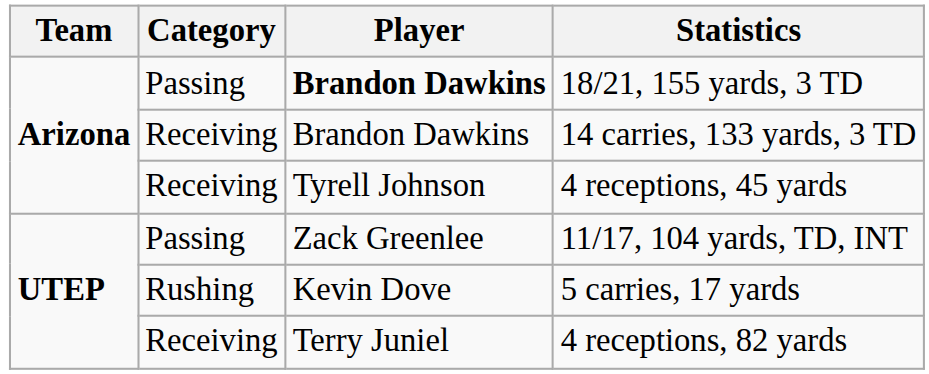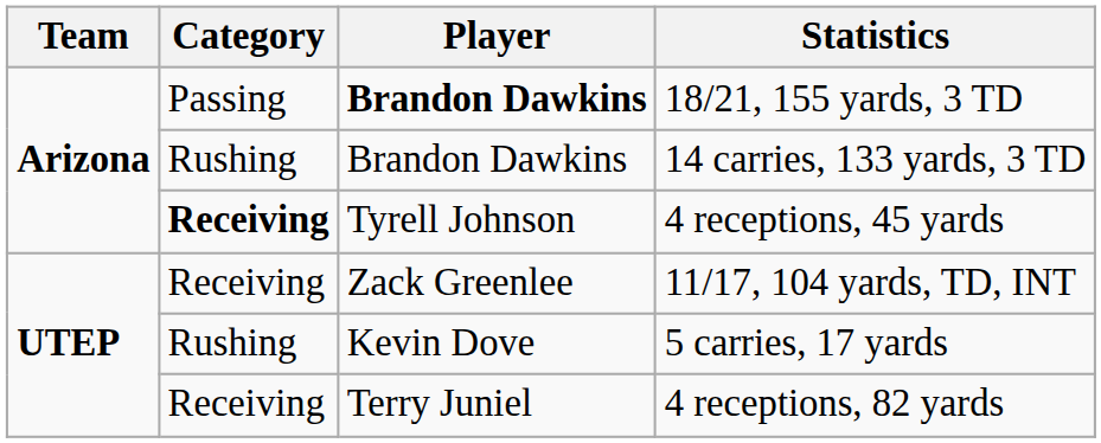 <table class="wikitable" style="float: right;">
 <tr>
 <th>Team</th>
 <th>Category</th>
 <th>Player</th>
 <th>Statistics</th>
 </tr>
 <tr>
 <td rowspan=3><strong>Arizona</strong></td>
 <td>Passing</td>
 <td><strong>Brandon Dawkins</strong></td>
 <td>18/21, 155 yards, 3 TD</td>
 </tr>
 <tr>
-<td>Receiving</td>
+<td>Rushing</td>
 <td>Brandon Dawkins</td>
 <td>14 carries, 133 yards, 3 TD</td>
 </tr>
 <tr>
-<td>Receiving</td>
+<td><strong>Receiving</strong></td>
 <td>Tyrell Johnson</td>
 <td>4 receptions, 45 yards</td>
 </tr>
 <tr>
 <td rowspan=3><strong>UTEP</strong></td>
-<td>Passing</td>
+<td>Receiving</td>
 <td>Zack Greenlee</td>
 <td>11/17, 104 yards, TD, INT</td>
 </tr>
 <tr>
 <td>Rushing</td>
 <td>Kevin Dove</td>
 <td>5 carries, 17 yards</td>
 </tr>
 <tr>
 <td>Receiving</td>
 <td>Terry Juniel</td>
 <td>4 receptions, 82 yards</td>
 </tr>
 </table>
